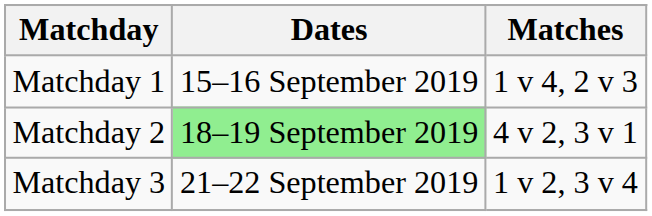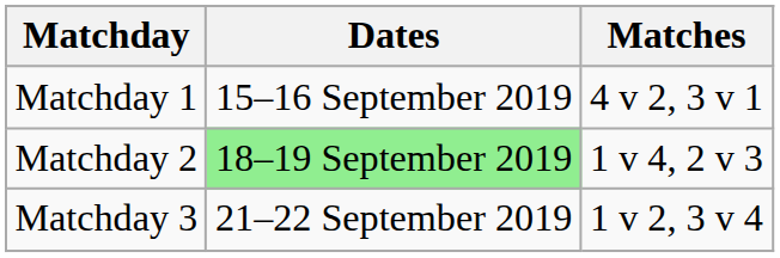 <table class="wikitable" style="text-align:center">
 <tr>
 </tr>
 <tr>
 <th>Matchday</th>
 <th>Dates</th>
 <th>Matches</th>
 </tr>
 <tr>
 <td>Matchday 1</td>
 <td>15–16 September 2019</td>
-<td>1 v 4, 2 v 3</td>
+<td>4 v 2, 3 v 1</td>
 </tr>
 <tr>
 <td>Matchday 2</td>
 <td style="background: lightgreen;">18–19 September 2019</td>
-<td>4 v 2, 3 v 1</td>
+<td>1 v 4, 2 v 3</td>
 </tr>
 <tr>
 <td>Matchday 3</td>
 <td>21–22 September 2019</td>
 <td>1 v 2, 3 v 4</td>
 </tr>
 </table>
